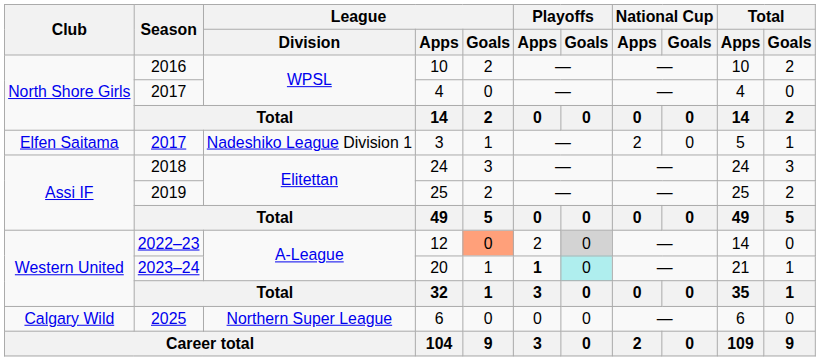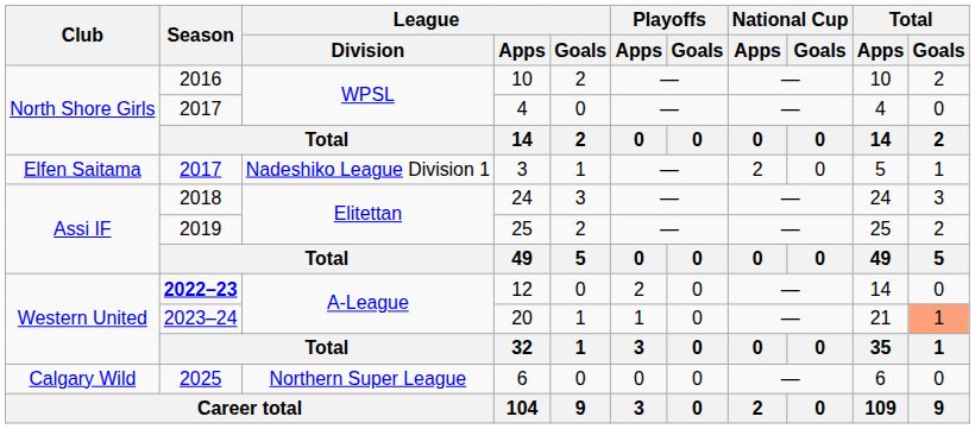 <table class="wikitable" style="text-align:center">
 <tr>
 <th rowspan="2">Club</th>
 <th rowspan="2">Season</th>
 <th colspan="3">League</th>
 <th colspan="2">Playoffs</th>
 <th colspan="2">National Cup</th>
 <th colspan="2">Total</th>
 </tr>
 <tr>
 <th>Division</th>
 <th>Apps</th>
 <th>Goals</th>
 <th>Apps</th>
 <th>Goals</th>
 <th>Apps</th>
 <th>Goals</th>
 <th>Apps</th>
 <th>Goals</th>
 </tr>
 <tr>
 <td rowspan="3"><a href='#'>North Shore Girls</a></td>
 <td>2016</td>
 <td rowspan="2"><a href='#'>WPSL</a></td>
 <td>10</td>
 <td>2</td>
 <td colspan="2">—</td>
 <td colspan="2">—</td>
 <td>10</td>
 <td>2</td>
 </tr>
 <tr>
 <td>2017</td>
 <td>4</td>
 <td>0</td>
 <td colspan="2">—</td>
 <td colspan="2">—</td>
 <td>4</td>
 <td>0</td>
 </tr>
 <tr>
 <th colspan="2">Total</th>
 <th>14</th>
 <th>2</th>
 <th>0</th>
 <th>0</th>
 <th>0</th>
 <th>0</th>
 <th>14</th>
 <th>2</th>
 </tr>
 <tr>
 <td><a href='#'>Elfen Saitama</a></td>
 <td><a href='#'>2017</a></td>
 <td><a href='#'>Nadeshiko League</a> Division 1</td>
 <td>3</td>
 <td>1</td>
 <td colspan="2">—</td>
 <td>2</td>
 <td>0</td>
 <td>5</td>
 <td>1</td>
 </tr>
 <tr>
 <td rowspan="3"><a href='#'>Assi IF</a></td>
 <td>2018</td>
 <td rowspan="2"><a href='#'>Elitettan</a></td>
 <td>24</td>
 <td>3</td>
 <td colspan="2">—</td>
 <td colspan="2">—</td>
 <td>24</td>
 <td>3</td>
 </tr>
 <tr>
 <td>2019</td>
 <td>25</td>
 <td>2</td>
 <td colspan="2">—</td>
 <td colspan="2">—</td>
 <td>25</td>
 <td>2</td>
 </tr>
 <tr>
 <th colspan="2">Total</th>
 <th>49</th>
 <th>5</th>
 <th>0</th>
 <th>0</th>
 <th>0</th>
 <th>0</th>
 <th>49</th>
 <th>5</th>
 </tr>
 <tr>
 <td rowspan="3"><a href='#'>Western United</a></td>
-<td><a href='#'>2022–23</a></td>
+<td><strong><a href='#'>2022–23</a></strong></td>
 <td rowspan="2"><a href='#'>A-League</a></td>
 <td>12</td>
-<td style="background: lightsalmon;">0</td>
+<td>0</td>
 <td>2</td>
-<td style="background: lightgrey;">0</td>
+<td>0</td>
 <td colspan="2">—</td>
 <td>14</td>
 <td>0</td>
 </tr>
 <tr>
 <td><a href='#'>2023–24</a></td>
 <td>20</td>
 <td>1</td>
-<td><strong>1</strong></td>
-<td style="background: paleturquoise;">0</td>
+<td>1</td>
+<td>0</td>
 <td colspan="2">—</td>
 <td>21</td>
-<td>1</td>
+<td style="background: lightsalmon;">1</td>
 </tr>
 <tr>
 <th colspan="2">Total</th>
 <th>32</th>
 <th>1</th>
 <th>3</th>
 <th>0</th>
 <th>0</th>
 <th>0</th>
 <th>35</th>
 <th>1</th>
 </tr>
 <tr>
 <td><a href='#'>Calgary Wild</a></td>
 <td><a href='#'>2025</a></td>
 <td><a href='#'>Northern Super League</a></td>
 <td>6</td>
 <td>0</td>
 <td>0</td>
 <td>0</td>
 <td colspan="2">—</td>
 <td>6</td>
 <td>0</td>
 </tr>
 <tr>
 <th colspan="3">Career total</th>
 <th>104</th>
 <th>9</th>
 <th>3</th>
 <th>0</th>
 <th>2</th>
 <th>0</th>
 <th>109</th>
 <th>9</th>
 </tr>
 </table>
